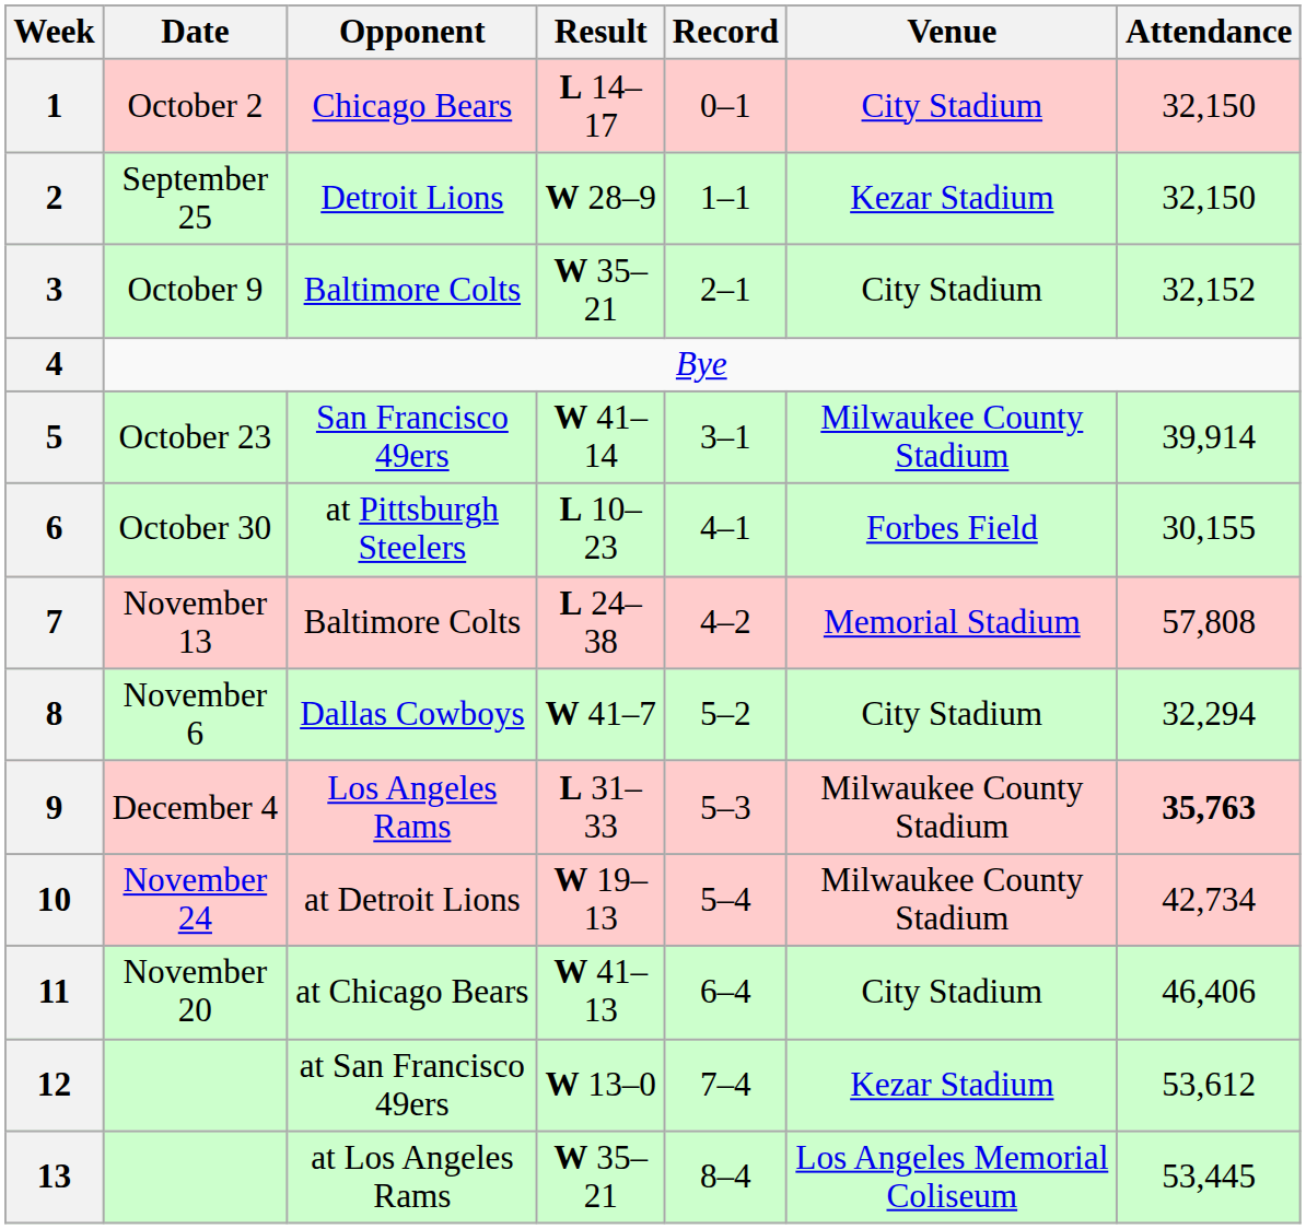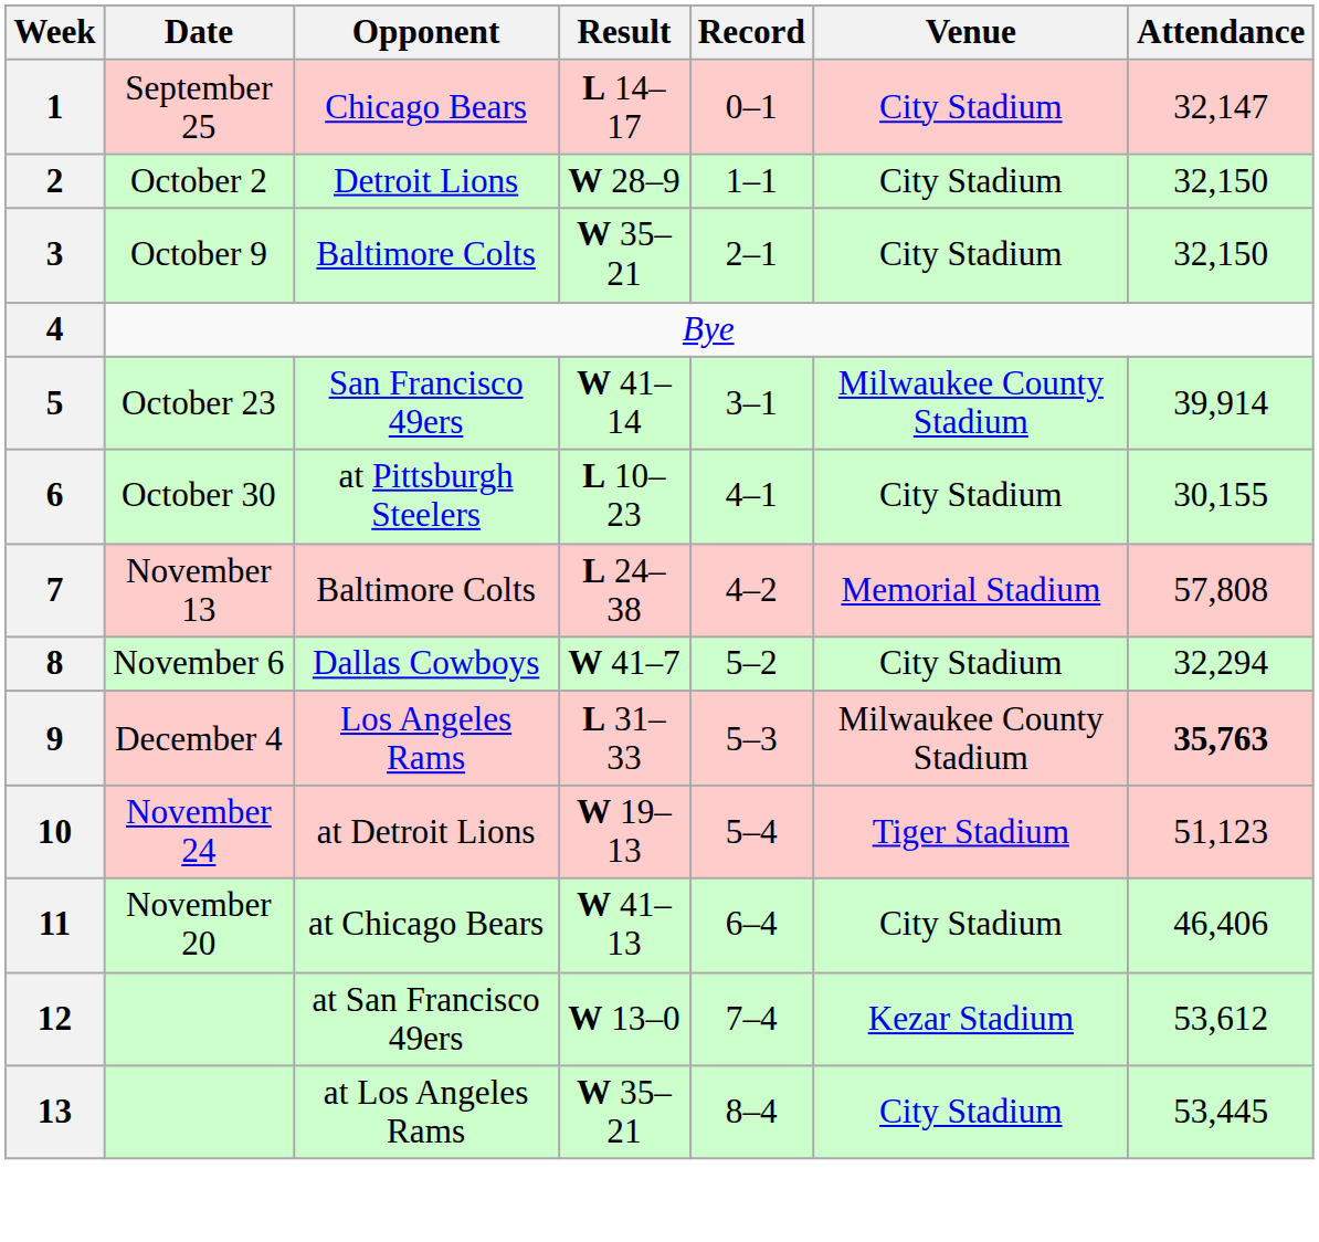 <table class="wikitable" style="text-align:center">
 <tr>
 <th>Week</th>
 <th>Date</th>
 <th>Opponent</th>
 <th>Result</th>
 <th>Record</th>
 <th>Venue</th>
 <th>Attendance</th>
 </tr>
 <tr style="background:#fcc">
 <th>1</th>
-<td>October 2</td>
+<td>September 25</td>
 <td><a href='#'>Chicago Bears</a></td>
 <td><strong>L</strong> 14–17</td>
 <td>0–1</td>
 <td><a href='#'>City Stadium</a></td>
-<td>32,150</td>
+<td>32,147</td>
 </tr>
 <tr style="background:#cfc">
 <th>2</th>
-<td>September 25</td>
+<td>October 2</td>
 <td><a href='#'>Detroit Lions</a></td>
 <td><strong>W</strong> 28–9</td>
 <td>1–1</td>
-<td><a href='#'>Kezar Stadium</a></td>
+<td>City Stadium</td>
 <td>32,150</td>
 </tr>
 <tr style="background:#cfc">
 <th>3</th>
 <td>October 9</td>
 <td><a href='#'>Baltimore Colts</a></td>
 <td><strong>W</strong> 35–21</td>
 <td>2–1</td>
 <td>City Stadium</td>
-<td>32,152</td>
+<td>32,150</td>
 </tr>
 <tr>
 <th>4</th>
 <td colspan=6><em><a href='#'>Bye</a></em></td>
 </tr>
 <tr style="background:#cfc">
 <th>5</th>
 <td>October 23</td>
 <td><a href='#'>San Francisco 49ers</a></td>
 <td><strong>W</strong> 41–14</td>
 <td>3–1</td>
 <td><a href='#'>Milwaukee County Stadium</a></td>
 <td>39,914</td>
 </tr>
 <tr style="background:#cfc">
 <th>6</th>
 <td>October 30</td>
 <td>at <a href='#'>Pittsburgh Steelers</a></td>
 <td><strong>L</strong> 10–23</td>
 <td>4–1</td>
-<td><a href='#'>Forbes Field</a></td>
+<td>City Stadium</td>
 <td>30,155</td>
 </tr>
 <tr style="background:#fcc">
 <th>7</th>
 <td>November 13</td>
 <td>Baltimore Colts</td>
 <td><strong>L</strong> 24–38</td>
 <td>4–2</td>
 <td><a href='#'>Memorial Stadium</a></td>
 <td>57,808</td>
 </tr>
 <tr style="background:#cfc">
 <th>8</th>
 <td>November 6</td>
 <td><a href='#'>Dallas Cowboys</a></td>
 <td><strong>W</strong> 41–7</td>
 <td>5–2</td>
 <td>City Stadium</td>
 <td>32,294</td>
 </tr>
 <tr style="background:#fcc">
 <th>9</th>
 <td>December 4</td>
 <td><a href='#'>Los Angeles Rams</a></td>
 <td><strong>L</strong> 31–33</td>
 <td>5–3</td>
 <td>Milwaukee County Stadium</td>
 <td><strong>35,763</strong></td>
 </tr>
 <tr style="background:#fcc">
 <th>10</th>
 <td><a href='#'>November 24</a></td>
 <td>at Detroit Lions</td>
 <td><strong>W</strong> 19–13</td>
 <td>5–4</td>
-<td>Milwaukee County Stadium</td>
-<td>42,734</td>
+<td><a href='#'>Tiger Stadium</a></td>
+<td>51,123</td>
 </tr>
 <tr style="background:#cfc">
 <th>11</th>
 <td>November 20</td>
 <td>at Chicago Bears</td>
 <td><strong>W</strong> 41–13</td>
 <td>6–4</td>
 <td>City Stadium</td>
 <td>46,406</td>
 </tr>
 <tr style="background:#cfc">
 <th>12</th>
 <td></td>
 <td>at San Francisco 49ers</td>
 <td><strong>W</strong> 13–0</td>
 <td>7–4</td>
 <td><a href='#'>Kezar Stadium</a></td>
 <td>53,612</td>
 </tr>
 <tr style="background:#cfc">
 <th>13</th>
 <td></td>
 <td>at Los Angeles Rams</td>
 <td><strong>W</strong> 35–21</td>
 <td>8–4</td>
-<td><a href='#'>Los Angeles Memorial Coliseum</a></td>
+<td><a href='#'>City Stadium</a></td>
 <td>53,445</td>
 </tr>
 </table>
